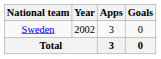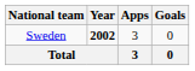 <table class="wikitable" style="text-align:center">
 <tr>
 <th>National team</th>
 <th>Year</th>
 <th>Apps</th>
 <th>Goals</th>
 </tr>
 <tr>
 <td><a href='#'>Sweden</a></td>
-<td>2002</td>
+<td><strong>2002</strong></td>
 <td>3</td>
 <td>0</td>
 </tr>
 <tr>
 <th colspan="2">Total</th>
 <th>3</th>
 <th>0</th>
 </tr>
 </table>
